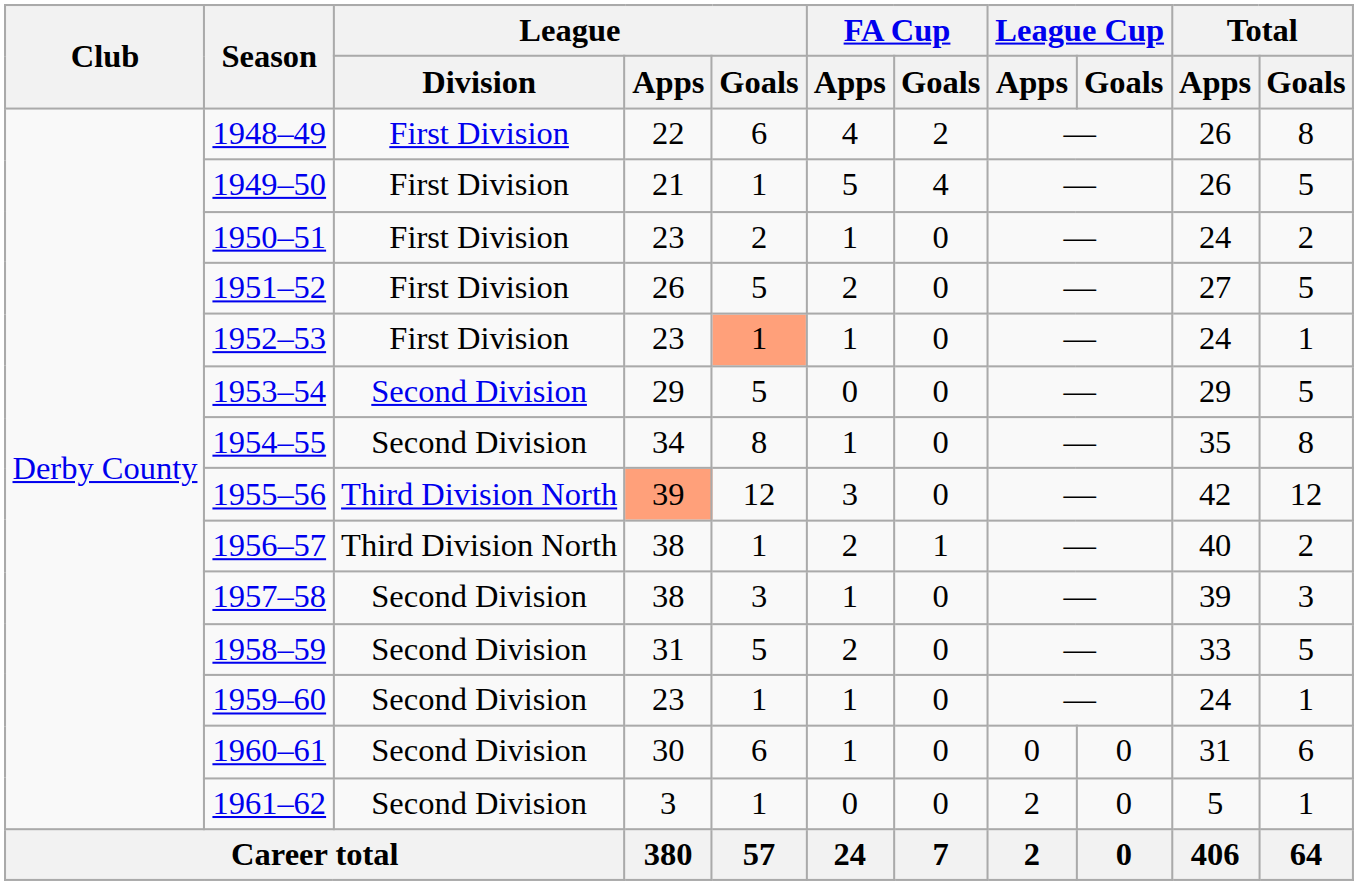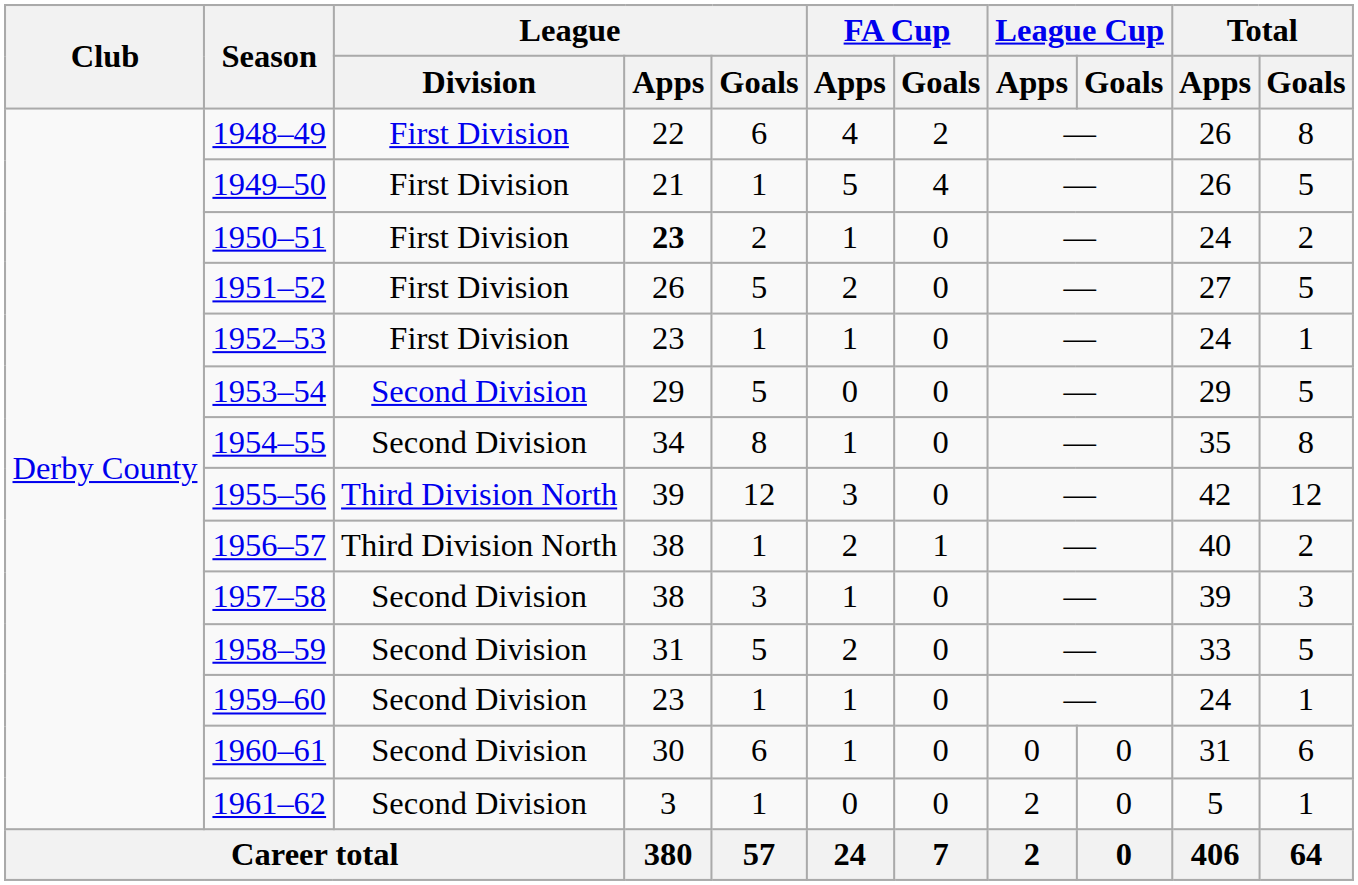 <table class="wikitable" style="text-align: center;">
 <tr>
 <th rowspan="2">Club</th>
 <th rowspan="2">Season</th>
 <th colspan="3">League</th>
 <th colspan="2"><a href='#'>FA Cup</a></th>
 <th colspan="2"><a href='#'>League Cup</a></th>
 <th colspan="2">Total</th>
 </tr>
 <tr>
 <th>Division</th>
 <th>Apps</th>
 <th>Goals</th>
 <th>Apps</th>
 <th>Goals</th>
 <th>Apps</th>
 <th>Goals</th>
 <th>Apps</th>
 <th>Goals</th>
 </tr>
 <tr>
 <td rowspan=14><a href='#'>Derby County</a></td>
 <td><a href='#'>1948–49</a></td>
 <td><a href='#'>First Division</a></td>
 <td>22</td>
 <td>6</td>
 <td>4</td>
 <td>2</td>
 <td colspan=2>—</td>
 <td>26</td>
 <td>8</td>
 </tr>
 <tr>
 <td><a href='#'>1949–50</a></td>
 <td>First Division</td>
 <td>21</td>
 <td>1</td>
 <td>5</td>
 <td>4</td>
 <td colspan=2>—</td>
 <td>26</td>
 <td>5</td>
 </tr>
 <tr>
 <td><a href='#'>1950–51</a></td>
 <td>First Division</td>
-<td>23</td>
+<td><strong>23</strong></td>
 <td>2</td>
 <td>1</td>
 <td>0</td>
 <td colspan=2>—</td>
 <td>24</td>
 <td>2</td>
 </tr>
 <tr>
 <td><a href='#'>1951–52</a></td>
 <td>First Division</td>
 <td>26</td>
 <td>5</td>
 <td>2</td>
 <td>0</td>
 <td colspan=2>—</td>
 <td>27</td>
 <td>5</td>
 </tr>
 <tr>
 <td><a href='#'>1952–53</a></td>
 <td>First Division</td>
 <td>23</td>
-<td style="background: lightsalmon;">1</td>
+<td>1</td>
 <td>1</td>
 <td>0</td>
 <td colspan=2>—</td>
 <td>24</td>
 <td>1</td>
 </tr>
 <tr>
 <td><a href='#'>1953–54</a></td>
 <td><a href='#'>Second Division</a></td>
 <td>29</td>
 <td>5</td>
 <td>0</td>
 <td>0</td>
 <td colspan=2>—</td>
 <td>29</td>
 <td>5</td>
 </tr>
 <tr>
 <td><a href='#'>1954–55</a></td>
 <td>Second Division</td>
 <td>34</td>
 <td>8</td>
 <td>1</td>
 <td>0</td>
 <td colspan=2>—</td>
 <td>35</td>
 <td>8</td>
 </tr>
 <tr>
 <td><a href='#'>1955–56</a></td>
 <td><a href='#'>Third Division North</a></td>
-<td style="background: lightsalmon;">39</td>
+<td>39</td>
 <td>12</td>
 <td>3</td>
 <td>0</td>
 <td colspan=2>—</td>
 <td>42</td>
 <td>12</td>
 </tr>
 <tr>
 <td><a href='#'>1956–57</a></td>
 <td>Third Division North</td>
 <td>38</td>
 <td>1</td>
 <td>2</td>
 <td>1</td>
 <td colspan=2>—</td>
 <td>40</td>
 <td>2</td>
 </tr>
 <tr>
 <td><a href='#'>1957–58</a></td>
 <td>Second Division</td>
 <td>38</td>
 <td>3</td>
 <td>1</td>
 <td>0</td>
 <td colspan=2>—</td>
 <td>39</td>
 <td>3</td>
 </tr>
 <tr>
 <td><a href='#'>1958–59</a></td>
 <td>Second Division</td>
 <td>31</td>
 <td>5</td>
 <td>2</td>
 <td>0</td>
 <td colspan=2>—</td>
 <td>33</td>
 <td>5</td>
 </tr>
 <tr>
 <td><a href='#'>1959–60</a></td>
 <td>Second Division</td>
 <td>23</td>
 <td>1</td>
 <td>1</td>
 <td>0</td>
 <td colspan=2>—</td>
 <td>24</td>
 <td>1</td>
 </tr>
 <tr>
 <td><a href='#'>1960–61</a></td>
 <td>Second Division</td>
 <td>30</td>
 <td>6</td>
 <td>1</td>
 <td>0</td>
 <td>0</td>
 <td>0</td>
 <td>31</td>
 <td>6</td>
 </tr>
 <tr>
 <td><a href='#'>1961–62</a></td>
 <td>Second Division</td>
 <td>3</td>
 <td>1</td>
 <td>0</td>
 <td>0</td>
 <td>2</td>
 <td>0</td>
 <td>5</td>
 <td>1</td>
 </tr>
 <tr>
 <th colspan="3">Career total</th>
 <th>380</th>
 <th>57</th>
 <th>24</th>
 <th>7</th>
 <th>2</th>
 <th>0</th>
 <th>406</th>
 <th>64</th>
 </tr>
 </table>
